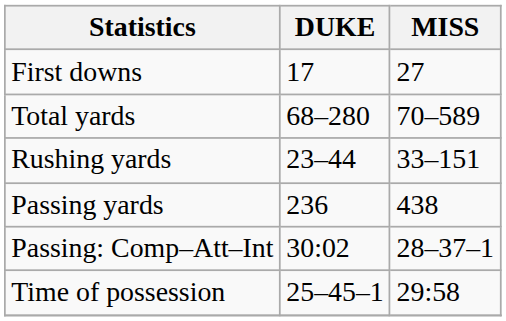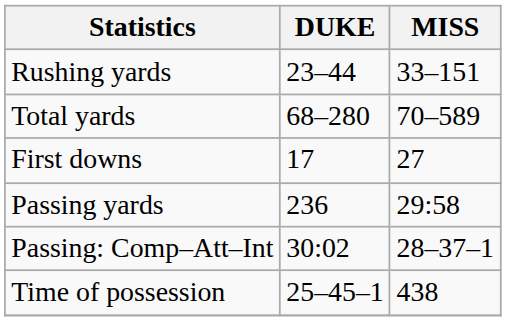 <table class="wikitable" style="float: left;">
 <tr>
 <th>Statistics</th>
 <th>DUKE</th>
 <th>MISS</th>
 </tr>
 <tr>
-<td>First downs</td>
-<td>17</td>
-<td>27</td>
+<td>Rushing yards</td>
+<td>23–44</td>
+<td>33–151</td>
 </tr>
 <tr>
 <td>Total yards</td>
 <td>68–280</td>
 <td>70–589</td>
 </tr>
 <tr>
-<td>Rushing yards</td>
-<td>23–44</td>
-<td>33–151</td>
+<td>First downs</td>
+<td>17</td>
+<td>27</td>
 </tr>
 <tr>
 <td>Passing yards</td>
 <td>236</td>
-<td>438</td>
+<td>29:58</td>
 </tr>
 <tr>
 <td>Passing: Comp–Att–Int</td>
 <td>30:02</td>
 <td>28–37–1</td>
 </tr>
 <tr>
 <td>Time of possession</td>
 <td>25–45–1</td>
-<td>29:58</td>
+<td>438</td>
 </tr>
 <tr>
 </tr>
 </table>
